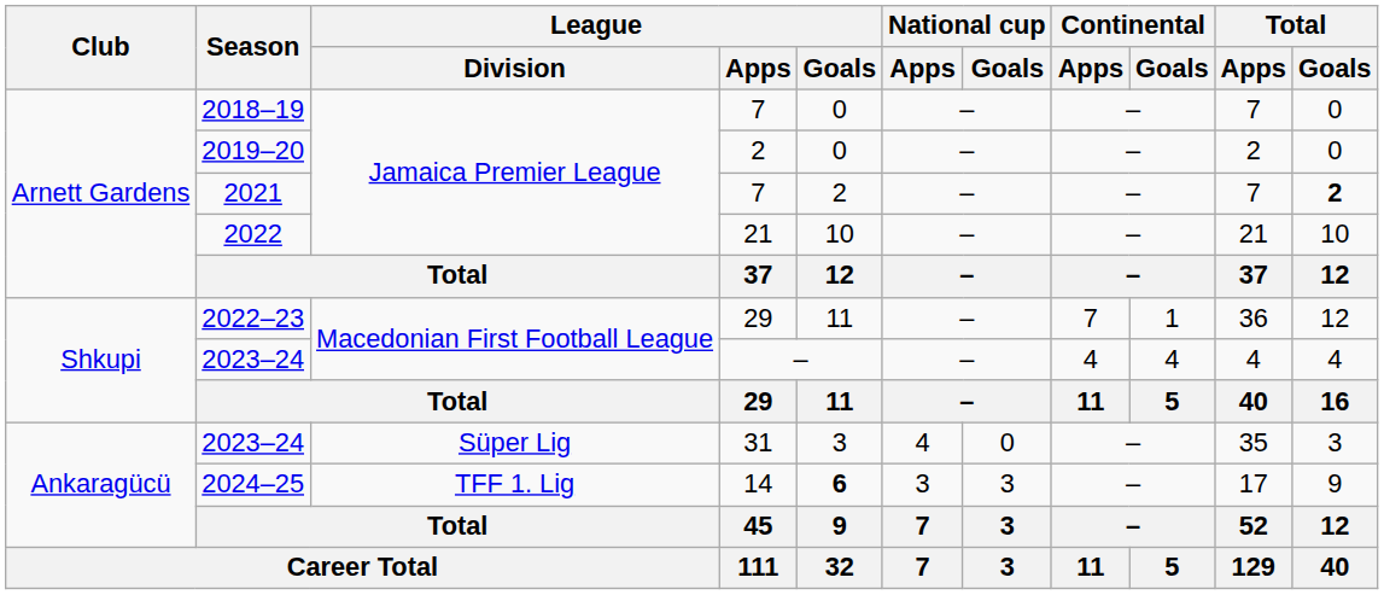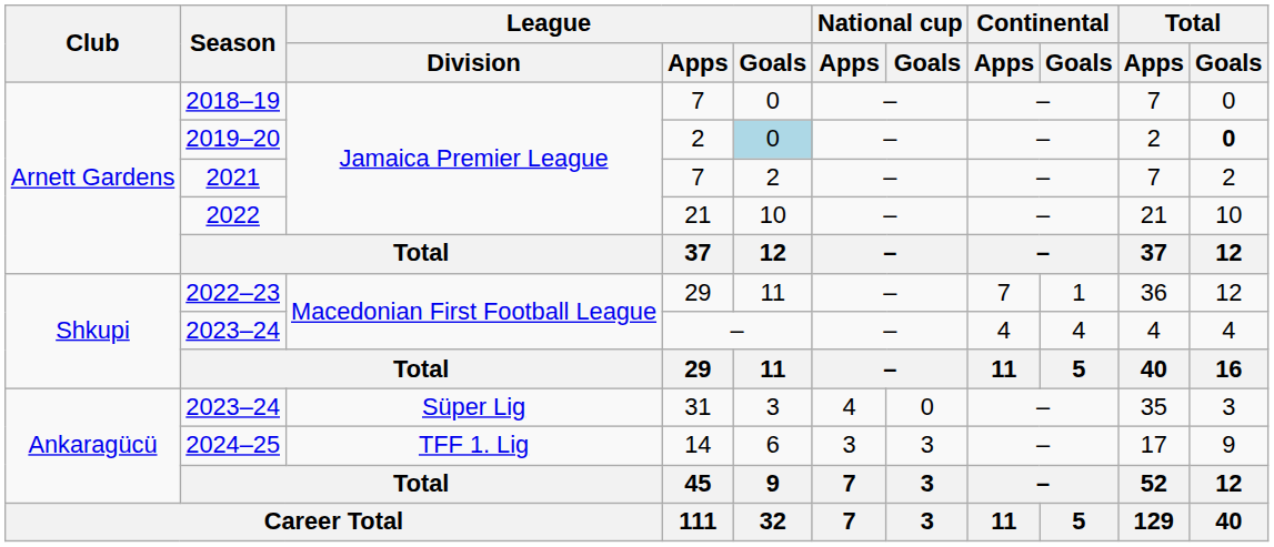 <table class="wikitable" style="text-align:center">
 <tr>
 <th rowspan=2>Club</th>
 <th rowspan=2>Season</th>
 <th colspan=3>League</th>
 <th colspan=2>National cup</th>
 <th colspan=2>Continental</th>
 <th colspan=2>Total</th>
 </tr>
 <tr>
 <th>Division</th>
 <th>Apps</th>
 <th>Goals</th>
 <th>Apps</th>
 <th>Goals</th>
 <th>Apps</th>
 <th>Goals</th>
 <th>Apps</th>
 <th>Goals</th>
 </tr>
 <tr>
 <td rowspan="5"><a href='#'>Arnett Gardens</a></td>
 <td><a href='#'>2018–19</a></td>
 <td rowspan="4"><a href='#'>Jamaica Premier League</a></td>
 <td>7</td>
 <td>0</td>
 <td colspan="2">–</td>
 <td colspan="2">–</td>
 <td>7</td>
 <td>0</td>
 </tr>
 <tr>
 <td><a href='#'>2019–20</a></td>
 <td>2</td>
-<td>0</td>
+<td style="background: lightblue;">0</td>
 <td colspan="2">–</td>
 <td colspan="2">–</td>
 <td>2</td>
-<td>0</td>
+<td><strong>0</strong></td>
 </tr>
 <tr>
 <td><a href='#'>2021</a></td>
 <td>7</td>
 <td>2</td>
 <td colspan="2">–</td>
 <td colspan="2">–</td>
 <td>7</td>
-<td><strong>2</strong></td>
+<td>2</td>
 </tr>
 <tr>
 <td><a href='#'>2022</a></td>
 <td>21</td>
 <td>10</td>
 <td colspan="2">–</td>
 <td colspan="2">–</td>
 <td>21</td>
 <td>10</td>
 </tr>
 <tr>
 <th colspan="2">Total</th>
 <th>37</th>
 <th>12</th>
 <th colspan="2">–</th>
 <th colspan="2">–</th>
 <th>37</th>
 <th>12</th>
 </tr>
 <tr>
 <td rowspan="3"><a href='#'>Shkupi</a></td>
 <td><a href='#'>2022–23</a></td>
 <td rowspan="2"><a href='#'>Macedonian First Football League</a></td>
 <td>29</td>
 <td>11</td>
 <td colspan="2">–</td>
 <td>7</td>
 <td>1</td>
 <td>36</td>
 <td>12</td>
 </tr>
 <tr>
 <td><a href='#'>2023–24</a></td>
 <td colspan="2">–</td>
 <td colspan="2">–</td>
 <td>4</td>
 <td>4</td>
 <td>4</td>
 <td>4</td>
 </tr>
 <tr>
 <th colspan="2">Total</th>
 <th>29</th>
 <th>11</th>
 <th colspan="2">–</th>
 <th>11</th>
 <th>5</th>
 <th>40</th>
 <th>16</th>
 </tr>
 <tr>
 <td rowspan="3"><a href='#'>Ankaragücü</a></td>
 <td><a href='#'>2023–24</a></td>
 <td><a href='#'>Süper Lig</a></td>
 <td>31</td>
 <td>3</td>
 <td>4</td>
 <td>0</td>
 <td colspan="2">–</td>
 <td>35</td>
 <td>3</td>
 </tr>
 <tr>
 <td><a href='#'>2024–25</a></td>
 <td><a href='#'>TFF 1. Lig</a></td>
 <td>14</td>
-<td><strong>6</strong></td>
+<td>6</td>
 <td>3</td>
 <td>3</td>
 <td colspan="2">–</td>
 <td>17</td>
 <td>9</td>
 </tr>
 <tr>
 <th colspan="2">Total</th>
 <th>45</th>
 <th>9</th>
 <th>7</th>
 <th>3</th>
 <th colspan="2">–</th>
 <th>52</th>
 <th>12</th>
 </tr>
 <tr>
 <th colspan="3">Career Total</th>
 <th>111</th>
 <th>32</th>
 <th>7</th>
 <th>3</th>
 <th>11</th>
 <th>5</th>
 <th>129</th>
 <th>40</th>
 </tr>
 </table>
